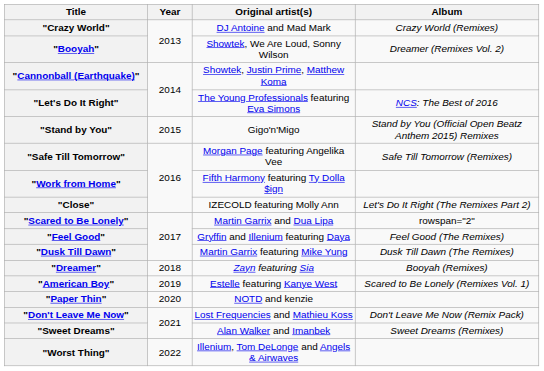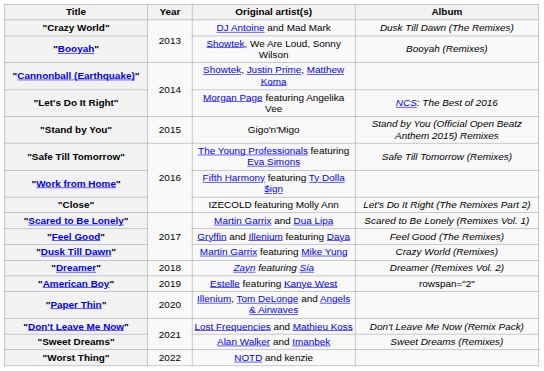 <table class="wikitable plainrowheaders"  style="text-align:center;">
 <tr>
 <th rowspan="1" style="width:14em;">Title</th>
 <th rowspan="1" style="width:4em;">Year</th>
 <th colspan="1" style="width:16em;">Original artist(s)</th>
 <th rowspan="1" style="width:18em;">Album</th>
 </tr>
 <tr>
 <th scope="row">"Crazy World"</th>
 <td rowspan="2">2013</td>
 <td><a href='#'>DJ Antoine</a> and Mad Mark</td>
-<td><em>Crazy World (Remixes)</em></td>
+<td><em>Dusk Till Dawn (The Remixes)</em></td>
 </tr>
 <tr>
 <th scope="row">"<a href='#'>Booyah</a>"</th>
 <td><a href='#'>Showtek</a>, We Are Loud, Sonny Wilson</td>
-<td><em>Dreamer (Remixes Vol. 2)</em></td>
+<td><em>Booyah (Remixes)</em></td>
 </tr>
 <tr>
 <th scope="row">"<a href='#'>Cannonball (Earthquake)</a>"</th>
 <td rowspan="2">2014</td>
 <td><a href='#'>Showtek</a>, <a href='#'>Justin Prime</a>, <a href='#'>Matthew Koma</a></td>
 <td></td>
 </tr>
 <tr>
 <th scope="row">"Let's Do It Right"</th>
-<td><a href='#'>The Young Professionals</a> featuring <a href='#'>Eva Simons</a></td>
+<td><a href='#'>Morgan Page</a> featuring Angelika Vee</td>
 <td><em><a href='#'>NCS</a>: The Best of 2016</em></td>
 </tr>
 <tr>
 <th scope="row">"Stand by You"</th>
 <td>2015</td>
 <td>Gigo'n'Migo</td>
 <td><em>Stand by You (Official Open Beatz Anthem 2015) Remixes</em></td>
 </tr>
 <tr>
 <th scope="row">"Safe Till Tomorrow"</th>
 <td rowspan="3">2016</td>
-<td><a href='#'>Morgan Page</a> featuring Angelika Vee</td>
+<td><a href='#'>The Young Professionals</a> featuring <a href='#'>Eva Simons</a></td>
 <td><em>Safe Till Tomorrow (Remixes)</em></td>
 </tr>
 <tr>
 <th scope="row">"<a href='#'>Work from Home</a>"</th>
 <td><a href='#'>Fifth Harmony</a> featuring <a href='#'>Ty Dolla $ign</a></td>
 <td></td>
 </tr>
 <tr>
 <th scope="row">"Close"</th>
 <td>IZECOLD featuring Molly Ann</td>
 <td><em>Let's Do It Right (The Remixes Part 2)</em></td>
 </tr>
 <tr>
 <th scope="row">"<a href='#'>Scared to Be Lonely</a>"</th>
 <td rowspan="3">2017</td>
 <td><a href='#'>Martin Garrix</a> and <a href='#'>Dua Lipa</a></td>
-<td>rowspan="2" </td>
+<td><em>Scared to Be Lonely (Remixes Vol. 1)</em></td>
 </tr>
 <tr>
 <th scope="row">"<a href='#'>Feel Good</a>"</th>
 <td><a href='#'>Gryffin</a> and <a href='#'>Illenium</a> featuring <a href='#'>Daya</a></td>
 <td><em>Feel Good (The Remixes)</em></td>
 </tr>
 <tr>
 <th scope="row">"<a href='#'>Dusk Till Dawn</a>"</th>
 <td><a href='#'>Martin Garrix</a> featuring <a href='#'>Mike Yung</a></td>
-<td><em>Dusk Till Dawn (The Remixes)</em></td>
+<td><em>Crazy World (Remixes)</em></td>
 </tr>
 <tr>
 <th scope="row">"<a href='#'>Dreamer</a>"</th>
 <td>2018</td>
 <td><em><a href='#'>Zayn</a> featuring <a href='#'>Sia</a></em></td>
-<td><em>Booyah (Remixes)</em></td>
+<td><em>Dreamer (Remixes Vol. 2)</em></td>
 </tr>
 <tr>
 <th scope="row">"<a href='#'>American Boy</a>"</th>
 <td>2019</td>
 <td><a href='#'>Estelle</a> featuring <a href='#'>Kanye West</a></td>
-<td><em>Scared to Be Lonely (Remixes Vol. 1)</em></td>
+<td>rowspan="2" </td>
 </tr>
 <tr>
 <th scope="row">"<a href='#'>Paper Thin</a>"</th>
 <td>2020</td>
-<td><a href='#'>NOTD</a> and kenzie</td>
+<td><a href='#'>Illenium</a>, <a href='#'>Tom DeLonge</a> and <a href='#'>Angels & Airwaves</a></td>
 </tr>
 <tr>
 <th scope="row">"<a href='#'>Don't Leave Me Now</a>"</th>
 <td rowspan="2">2021</td>
 <td><a href='#'>Lost Frequencies</a> and <a href='#'>Mathieu Koss</a></td>
 <td><em>Don't Leave Me Now (Remix Pack)</em></td>
 </tr>
 <tr>
 <th scope="row">"Sweet Dreams"</th>
 <td><a href='#'>Alan Walker</a> and <a href='#'>Imanbek</a></td>
 <td><em>Sweet Dreams (Remixes)</em></td>
 </tr>
 <tr>
 <th scope="row">"Worst Thing"</th>
 <td>2022</td>
-<td><a href='#'>Illenium</a>, <a href='#'>Tom DeLonge</a> and <a href='#'>Angels & Airwaves</a></td>
+<td><a href='#'>NOTD</a> and kenzie</td>
 <td></td>
 </tr>
 </table>
